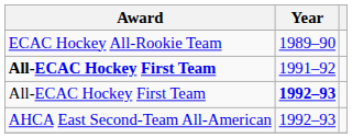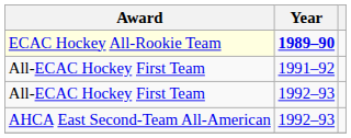 <table class="wikitable">
 <tr>
 <th>Award</th>
 <th>Year</th>
 <th></th>
 </tr>
 <tr>
-<td><a href='#'>ECAC Hockey</a> <a href='#'>All-Rookie Team</a></td>
-<td><a href='#'>1989–90</a></td>
+<td style="background: lightyellow;"><a href='#'>ECAC Hockey</a> <a href='#'>All-Rookie Team</a></td>
+<td><strong><a href='#'>1989–90</a></strong></td>
 <td></td>
 </tr>
 <tr>
-<td><strong>All-<a href='#'>ECAC Hockey</a> <a href='#'>First Team</a></strong></td>
+<td>All-<a href='#'>ECAC Hockey</a> <a href='#'>First Team</a></td>
 <td><a href='#'>1991–92</a></td>
 <td></td>
 </tr>
 <tr>
 <td>All-<a href='#'>ECAC Hockey</a> <a href='#'>First Team</a></td>
-<td><strong><a href='#'>1992–93</a></strong></td>
+<td><a href='#'>1992–93</a></td>
 <td></td>
 </tr>
 <tr>
 <td><a href='#'>AHCA</a> <a href='#'>East Second-Team All-American</a></td>
 <td><a href='#'>1992–93</a></td>
 <td></td>
 </tr>
 <tr>
 </tr>
 </table>
